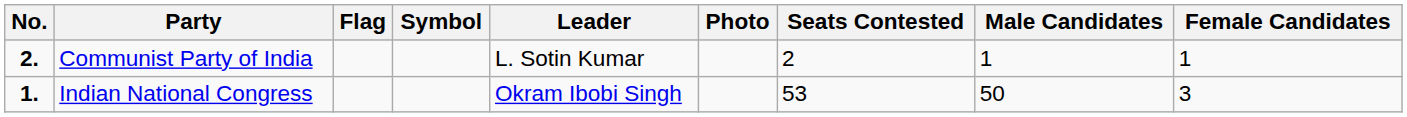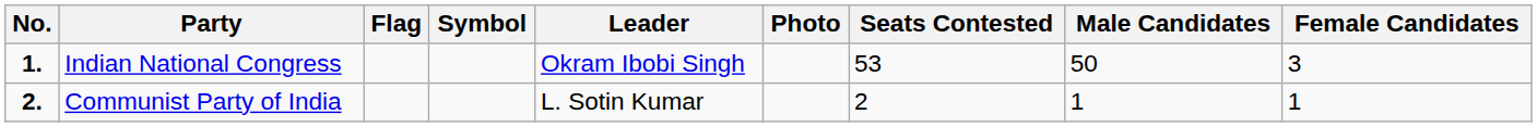 <table class="wikitable"  width="50%">
 <tr>
 <th>No.</th>
 <th>Party</th>
 <th>Flag</th>
 <th>Symbol</th>
 <th>Leader</th>
 <th>Photo</th>
 <th>Seats Contested</th>
 <th>Male Candidates</th>
 <th>Female Candidates</th>
 </tr>
 <tr>
+<td ! style="text-align:center; background:"><strong>1.</strong></td>
+<td><a href='#'>Indian National Congress</a></td>
+<td></td>
+<td></td>
+<td><a href='#'>Okram Ibobi Singh</a></td>
+<td></td>
+<td>53</td>
+<td>50</td>
+<td>3</td>
+</tr>
+<tr>
 <td ! style="text-align:center; background:"><strong>2.</strong></td>
 <td><a href='#'>Communist Party of India</a></td>
 <td></td>
 <td></td>
 <td>L. Sotin Kumar</td>
 <td></td>
 <td>2</td>
 <td>1</td>
 <td>1</td>
 </tr>
-<tr>
-<td ! style="text-align:center; background:"><strong>1.</strong></td>
-<td><a href='#'>Indian National Congress</a></td>
-<td></td>
-<td></td>
-<td><a href='#'>Okram Ibobi Singh</a></td>
-<td></td>
-<td>53</td>
-<td>50</td>
-<td>3</td>
-</tr>
 </table>
